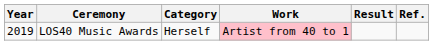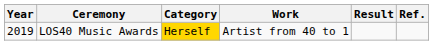 <table class="wikitable">
 <tr>
 <th>Year</th>
 <th>Ceremony</th>
 <th>Category</th>
 <th>Work</th>
 <th>Result</th>
 <th>Ref.</th>
 </tr>
 <tr>
 <td rowspan = "4">2019</td>
 <td>LOS40 Music Awards</td>
-<td>Herself</td>
-<td style="background: pink;">Artist from 40 to 1</td>
+<td style="background: gold;">Herself</td>
+<td>Artist from 40 to 1</td>
 <td></td>
 <td></td>
 </tr>
 </table>
